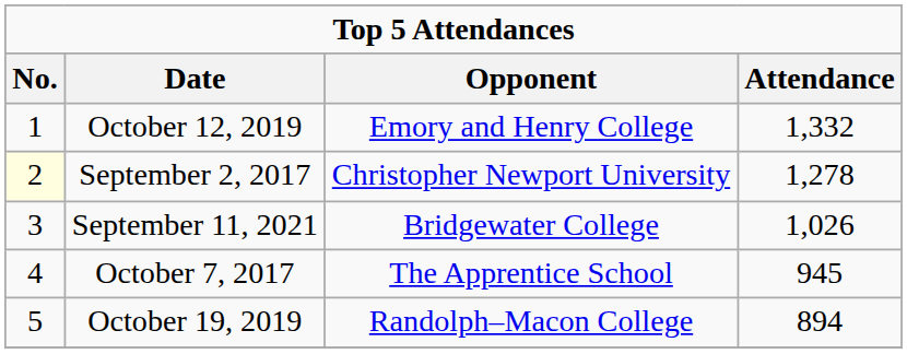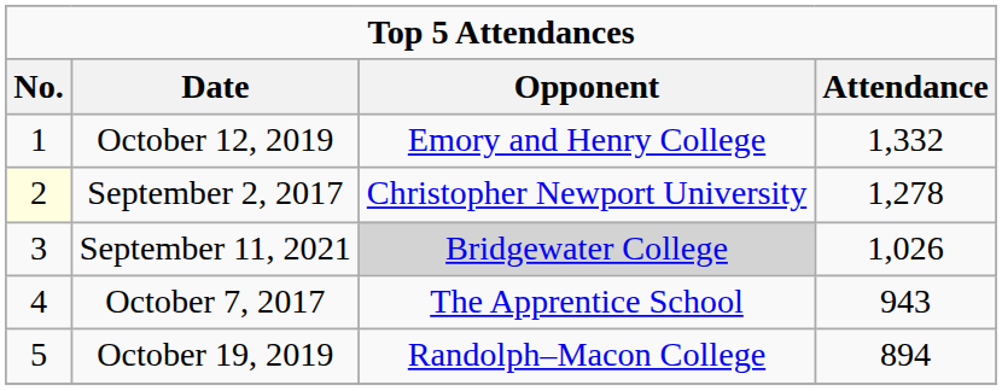 <table class="wikitable sortable" style="text-align:center">
 <tr>
 <td colspan="4"><strong>Top 5 Attendances</strong></td>
 </tr>
 <tr>
 <th>No.</th>
 <th>Date</th>
 <th>Opponent</th>
 <th>Attendance</th>
 </tr>
 <tr>
 <td>1</td>
 <td>October 12, 2019</td>
 <td><a href='#'>Emory and Henry College</a></td>
 <td>1,332</td>
 </tr>
 <tr>
 <td style="background: lightyellow;">2</td>
 <td>September 2, 2017</td>
 <td><a href='#'>Christopher Newport University</a></td>
 <td>1,278</td>
 </tr>
 <tr>
 <td>3</td>
 <td>September 11, 2021</td>
-<td><a href='#'>Bridgewater College</a></td>
+<td style="background: lightgrey;"><a href='#'>Bridgewater College</a></td>
 <td>1,026</td>
 </tr>
 <tr>
 <td>4</td>
 <td>October 7, 2017</td>
 <td><a href='#'>The Apprentice School</a></td>
-<td>945</td>
+<td>943</td>
 </tr>
 <tr>
 <td>5</td>
 <td>October 19, 2019</td>
 <td><a href='#'>Randolph–Macon College</a></td>
 <td>894</td>
 </tr>
 <tr>
 </tr>
 </table>
